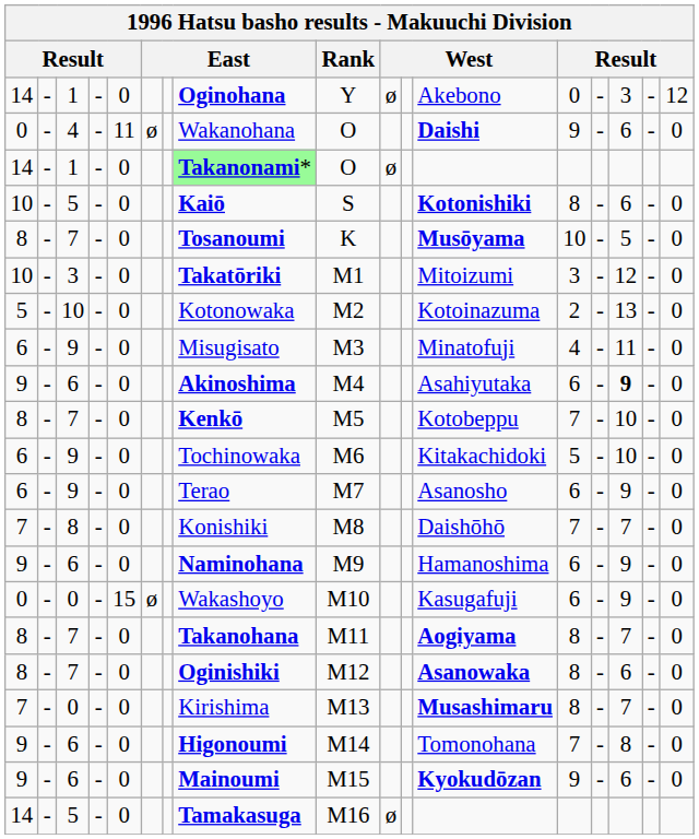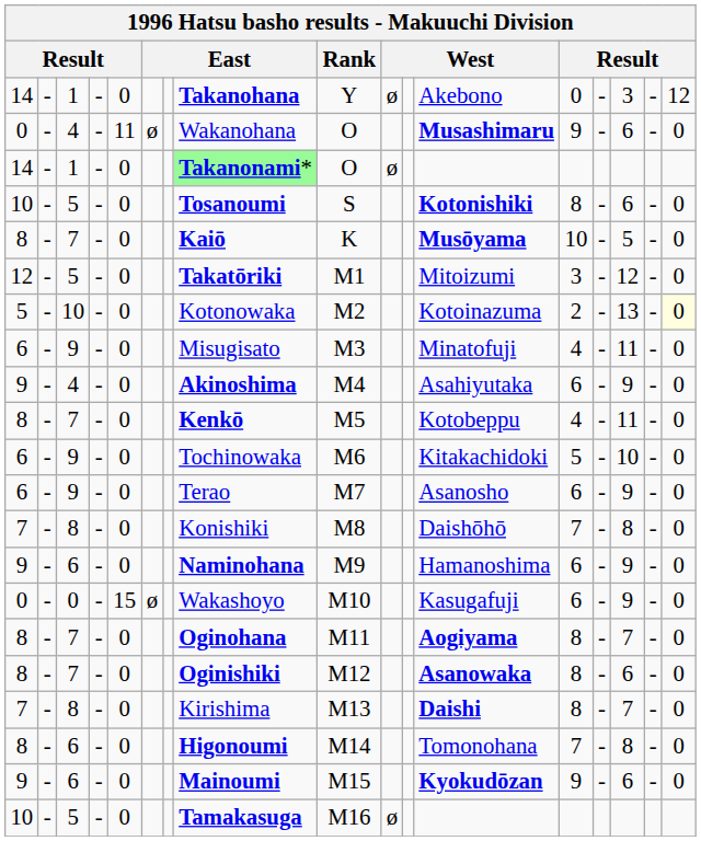 <table class="wikitable">
 <tr>
 <th colspan="17">1996 Hatsu basho results - Makuuchi Division</th>
 </tr>
 <tr>
 <th colspan="5">Result</th>
 <th colspan="3">East</th>
 <th>Rank</th>
 <th colspan="3">West</th>
 <th colspan="5">Result</th>
 </tr>
 <tr>
 <td align=center>14</td>
 <td align=center>-</td>
 <td align=center>1</td>
 <td align=center>-</td>
 <td align=center>0</td>
 <td align=center></td>
 <td align=center></td>
-<td><strong><a href='#'>Oginohana</a></strong></td>
+<td><strong><a href='#'>Takanohana</a></strong></td>
 <td align=center>Y</td>
 <td align=center>ø</td>
 <td align=center></td>
 <td><a href='#'>Akebono</a></td>
 <td align=center>0</td>
 <td align=center>-</td>
 <td align=center>3</td>
 <td align=center>-</td>
 <td align=center>12</td>
 </tr>
 <tr>
 <td align=center>0</td>
 <td align=center>-</td>
 <td align=center>4</td>
 <td align=center>-</td>
 <td align=center>11</td>
 <td align=center>ø</td>
 <td align=center></td>
 <td><a href='#'>Wakanohana</a></td>
 <td align=center>O</td>
 <td align=center></td>
 <td align=center></td>
-<td><strong><a href='#'>Daishi</a></strong></td>
+<td><strong><a href='#'>Musashimaru</a></strong></td>
 <td align=center>9</td>
 <td align=center>-</td>
 <td align=center>6</td>
 <td align=center>-</td>
 <td align=center>0</td>
 </tr>
 <tr>
 <td align=center>14</td>
 <td align=center>-</td>
 <td align=center>1</td>
 <td align=center>-</td>
 <td align=center>0</td>
 <td align=center></td>
 <td align=center></td>
 <td style="background: PaleGreen;"><strong><a href='#'>Takanonami</a></strong>*</td>
 <td align=center>O</td>
 <td align=center>ø</td>
 <td align=center></td>
 <td></td>
 <td align=center></td>
 <td align=center></td>
 <td align=center></td>
 <td align=center></td>
 <td align=center></td>
 </tr>
 <tr>
 <td align=center>10</td>
 <td align=center>-</td>
 <td align=center>5</td>
 <td align=center>-</td>
 <td align=center>0</td>
 <td align=center></td>
 <td align=center></td>
-<td><strong><a href='#'>Kaiō</a></strong></td>
+<td><strong><a href='#'>Tosanoumi</a></strong></td>
 <td align=center>S</td>
 <td align=center></td>
 <td align=center></td>
 <td><strong><a href='#'>Kotonishiki</a></strong></td>
 <td align=center>8</td>
 <td align=center>-</td>
 <td align=center>6</td>
 <td align=center>-</td>
 <td align=center>0</td>
 </tr>
 <tr>
 <td align=center>8</td>
 <td align=center>-</td>
 <td align=center>7</td>
 <td align=center>-</td>
 <td align=center>0</td>
 <td align=center></td>
 <td align=center></td>
-<td><strong><a href='#'>Tosanoumi</a></strong></td>
+<td><strong><a href='#'>Kaiō</a></strong></td>
 <td align=center>K</td>
 <td align=center></td>
 <td align=center></td>
 <td><strong><a href='#'>Musōyama</a></strong></td>
 <td align=center>10</td>
 <td align=center>-</td>
 <td align=center>5</td>
 <td align=center>-</td>
 <td align=center>0</td>
 </tr>
 <tr>
-<td align=center>10</td>
+<td align=center>12</td>
 <td align=center>-</td>
-<td align=center>3</td>
+<td align=center>5</td>
 <td align=center>-</td>
 <td align=center>0</td>
 <td align=center></td>
 <td align=center></td>
 <td><strong><a href='#'>Takatōriki</a></strong></td>
 <td align=center>M1</td>
 <td align=center></td>
 <td align=center></td>
 <td><a href='#'>Mitoizumi</a></td>
 <td align=center>3</td>
 <td align=center>-</td>
 <td align=center>12</td>
 <td align=center>-</td>
 <td align=center>0</td>
 </tr>
 <tr>
 <td align=center>5</td>
 <td align=center>-</td>
 <td align=center>10</td>
 <td align=center>-</td>
 <td align=center>0</td>
 <td align=center></td>
 <td align=center></td>
 <td><a href='#'>Kotonowaka</a></td>
 <td align=center>M2</td>
 <td align=center></td>
 <td align=center></td>
 <td><a href='#'>Kotoinazuma</a></td>
 <td align=center>2</td>
 <td align=center>-</td>
 <td align=center>13</td>
 <td align=center>-</td>
-<td align=center>0</td>
+<td align=center style="background: lightyellow;">0</td>
 </tr>
 <tr>
 <td align=center>6</td>
 <td align=center>-</td>
 <td align=center>9</td>
 <td align=center>-</td>
 <td align=center>0</td>
 <td align=center></td>
 <td align=center></td>
 <td><a href='#'>Misugisato</a></td>
 <td align=center>M3</td>
 <td align=center></td>
 <td align=center></td>
 <td><a href='#'>Minatofuji</a></td>
 <td align=center>4</td>
 <td align=center>-</td>
 <td align=center>11</td>
 <td align=center>-</td>
 <td align=center>0</td>
 </tr>
 <tr>
 <td align=center>9</td>
 <td align=center>-</td>
-<td align=center>6</td>
+<td align=center>4</td>
 <td align=center>-</td>
 <td align=center>0</td>
 <td align=center></td>
 <td align=center></td>
 <td><strong><a href='#'>Akinoshima</a></strong></td>
 <td align=center>M4</td>
 <td align=center></td>
 <td align=center></td>
 <td><a href='#'>Asahiyutaka</a></td>
 <td align=center>6</td>
 <td align=center>-</td>
-<td align=center><strong>9</strong></td>
+<td align=center>9</td>
 <td align=center>-</td>
 <td align=center>0</td>
 </tr>
 <tr>
 <td align=center>8</td>
 <td align=center>-</td>
 <td align=center>7</td>
 <td align=center>-</td>
 <td align=center>0</td>
 <td align=center></td>
 <td align=center></td>
 <td><strong><a href='#'>Kenkō</a></strong></td>
 <td align=center>M5</td>
 <td align=center></td>
 <td align=center></td>
 <td><a href='#'>Kotobeppu</a></td>
-<td align=center>7</td>
+<td align=center>4</td>
 <td align=center>-</td>
-<td align=center>10</td>
+<td align=center>11</td>
 <td align=center>-</td>
 <td align=center>0</td>
 </tr>
 <tr>
 <td align=center>6</td>
 <td align=center>-</td>
 <td align=center>9</td>
 <td align=center>-</td>
 <td align=center>0</td>
 <td align=center></td>
 <td align=center></td>
 <td><a href='#'>Tochinowaka</a></td>
 <td align=center>M6</td>
 <td align=center></td>
 <td align=center></td>
 <td><a href='#'>Kitakachidoki</a></td>
 <td align=center>5</td>
 <td align=center>-</td>
 <td align=center>10</td>
 <td align=center>-</td>
 <td align=center>0</td>
 </tr>
 <tr>
 <td align=center>6</td>
 <td align=center>-</td>
 <td align=center>9</td>
 <td align=center>-</td>
 <td align=center>0</td>
 <td align=center></td>
 <td align=center></td>
 <td><a href='#'>Terao</a></td>
 <td align=center>M7</td>
 <td align=center></td>
 <td align=center></td>
 <td><a href='#'>Asanosho</a></td>
 <td align=center>6</td>
 <td align=center>-</td>
 <td align=center>9</td>
 <td align=center>-</td>
 <td align=center>0</td>
 </tr>
 <tr>
 <td align=center>7</td>
 <td align=center>-</td>
 <td align=center>8</td>
 <td align=center>-</td>
 <td align=center>0</td>
 <td align=center></td>
 <td align=center></td>
 <td><a href='#'>Konishiki</a></td>
 <td align=center>M8</td>
 <td align=center></td>
 <td align=center></td>
 <td><a href='#'>Daishōhō</a></td>
 <td align=center>7</td>
 <td align=center>-</td>
-<td align=center>7</td>
+<td align=center>8</td>
 <td align=center>-</td>
 <td align=center>0</td>
 </tr>
 <tr>
 <td align=center>9</td>
 <td align=center>-</td>
 <td align=center>6</td>
 <td align=center>-</td>
 <td align=center>0</td>
 <td align=center></td>
 <td align=center></td>
 <td><strong><a href='#'>Naminohana</a></strong></td>
 <td align=center>M9</td>
 <td align=center></td>
 <td align=center></td>
 <td><a href='#'>Hamanoshima</a></td>
 <td align=center>6</td>
 <td align=center>-</td>
 <td align=center>9</td>
 <td align=center>-</td>
 <td align=center>0</td>
 </tr>
 <tr>
 <td align=center>0</td>
 <td align=center>-</td>
 <td align=center>0</td>
 <td align=center>-</td>
 <td align=center>15</td>
 <td align=center>ø</td>
 <td align=center></td>
 <td><a href='#'>Wakashoyo</a></td>
 <td align=center>M10</td>
 <td align=center></td>
 <td align=center></td>
 <td><a href='#'>Kasugafuji</a></td>
 <td align=center>6</td>
 <td align=center>-</td>
 <td align=center>9</td>
 <td align=center>-</td>
 <td align=center>0</td>
 </tr>
 <tr>
 <td align=center>8</td>
 <td align=center>-</td>
 <td align=center>7</td>
 <td align=center>-</td>
 <td align=center>0</td>
 <td align=center></td>
 <td align=center></td>
-<td><strong><a href='#'>Takanohana</a></strong></td>
+<td><strong><a href='#'>Oginohana</a></strong></td>
 <td align=center>M11</td>
 <td align=center></td>
 <td align=center></td>
 <td><strong><a href='#'>Aogiyama</a></strong></td>
 <td align=center>8</td>
 <td align=center>-</td>
 <td align=center>7</td>
 <td align=center>-</td>
 <td align=center>0</td>
 </tr>
 <tr>
 <td align=center>8</td>
 <td align=center>-</td>
 <td align=center>7</td>
 <td align=center>-</td>
 <td align=center>0</td>
 <td align=center></td>
 <td align=center></td>
 <td><strong><a href='#'>Oginishiki</a></strong></td>
 <td align=center>M12</td>
 <td align=center></td>
 <td align=center></td>
 <td><strong><a href='#'>Asanowaka</a></strong></td>
 <td align=center>8</td>
 <td align=center>-</td>
 <td align=center>6</td>
 <td align=center>-</td>
 <td align=center>0</td>
 </tr>
 <tr>
 <td align=center>7</td>
 <td align=center>-</td>
-<td align=center>0</td>
+<td align=center>8</td>
 <td align=center>-</td>
 <td align=center>0</td>
 <td align=center></td>
 <td align=center></td>
 <td><a href='#'>Kirishima</a></td>
 <td align=center>M13</td>
 <td align=center></td>
 <td align=center></td>
-<td><strong><a href='#'>Musashimaru</a></strong></td>
+<td><strong><a href='#'>Daishi</a></strong></td>
 <td align=center>8</td>
 <td align=center>-</td>
 <td align=center>7</td>
 <td align=center>-</td>
 <td align=center>0</td>
 </tr>
 <tr>
-<td align=center>9</td>
+<td align=center>8</td>
 <td align=center>-</td>
 <td align=center>6</td>
 <td align=center>-</td>
 <td align=center>0</td>
 <td align=center></td>
 <td align=center></td>
 <td><strong><a href='#'>Higonoumi</a></strong></td>
 <td align=center>M14</td>
 <td align=center></td>
 <td align=center></td>
 <td><a href='#'>Tomonohana</a></td>
 <td align=center>7</td>
 <td align=center>-</td>
 <td align=center>8</td>
 <td align=center>-</td>
 <td align=center>0</td>
 </tr>
 <tr>
 <td align=center>9</td>
 <td align=center>-</td>
 <td align=center>6</td>
 <td align=center>-</td>
 <td align=center>0</td>
 <td align=center></td>
 <td align=center></td>
 <td><strong><a href='#'>Mainoumi</a></strong></td>
 <td align=center>M15</td>
 <td align=center></td>
 <td align=center></td>
 <td><strong><a href='#'>Kyokudōzan</a></strong></td>
 <td align=center>9</td>
 <td align=center>-</td>
 <td align=center>6</td>
 <td align=center>-</td>
 <td align=center>0</td>
 </tr>
 <tr>
-<td align=center>14</td>
+<td align=center>10</td>
 <td align=center>-</td>
 <td align=center>5</td>
 <td align=center>-</td>
 <td align=center>0</td>
 <td align=center></td>
 <td align=center></td>
 <td><strong><a href='#'>Tamakasuga</a></strong></td>
 <td align=center>M16</td>
 <td align=center>ø</td>
 <td align=center></td>
 <td></td>
 <td align=center></td>
 <td align=center></td>
 <td align=center></td>
 <td align=center></td>
 <td align=center></td>
 </tr>
 </table>
